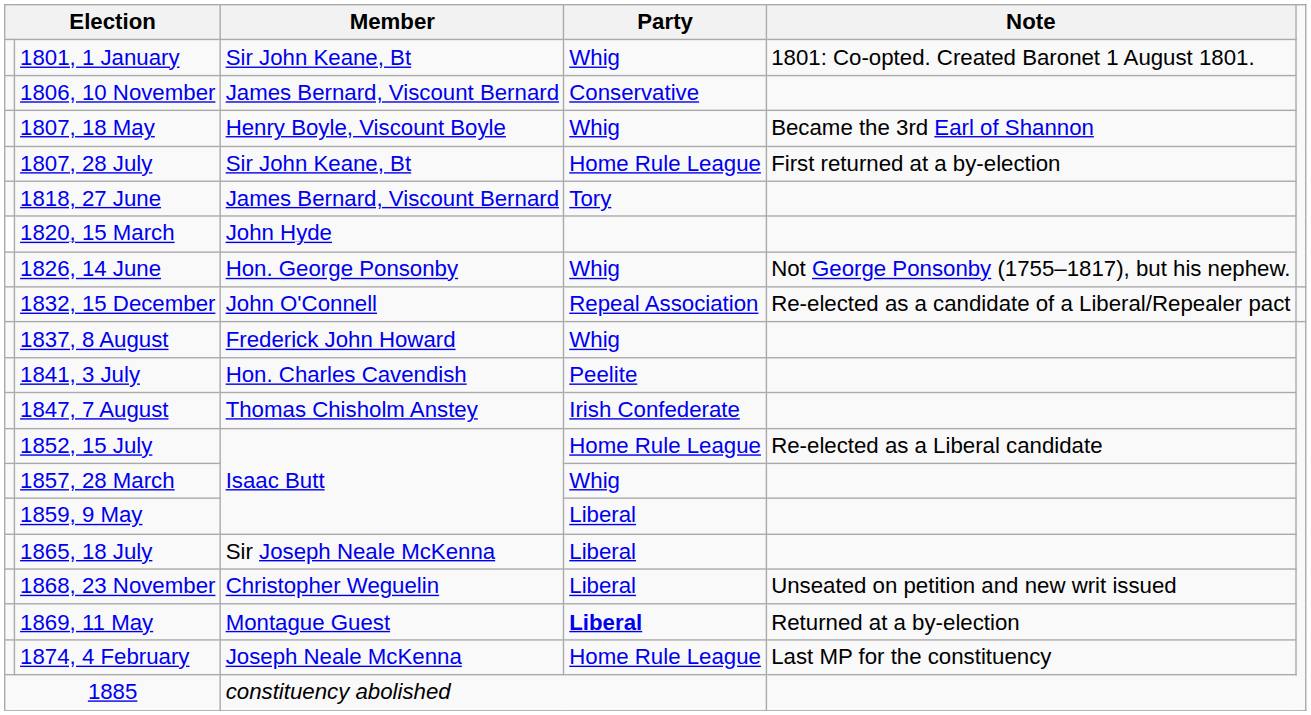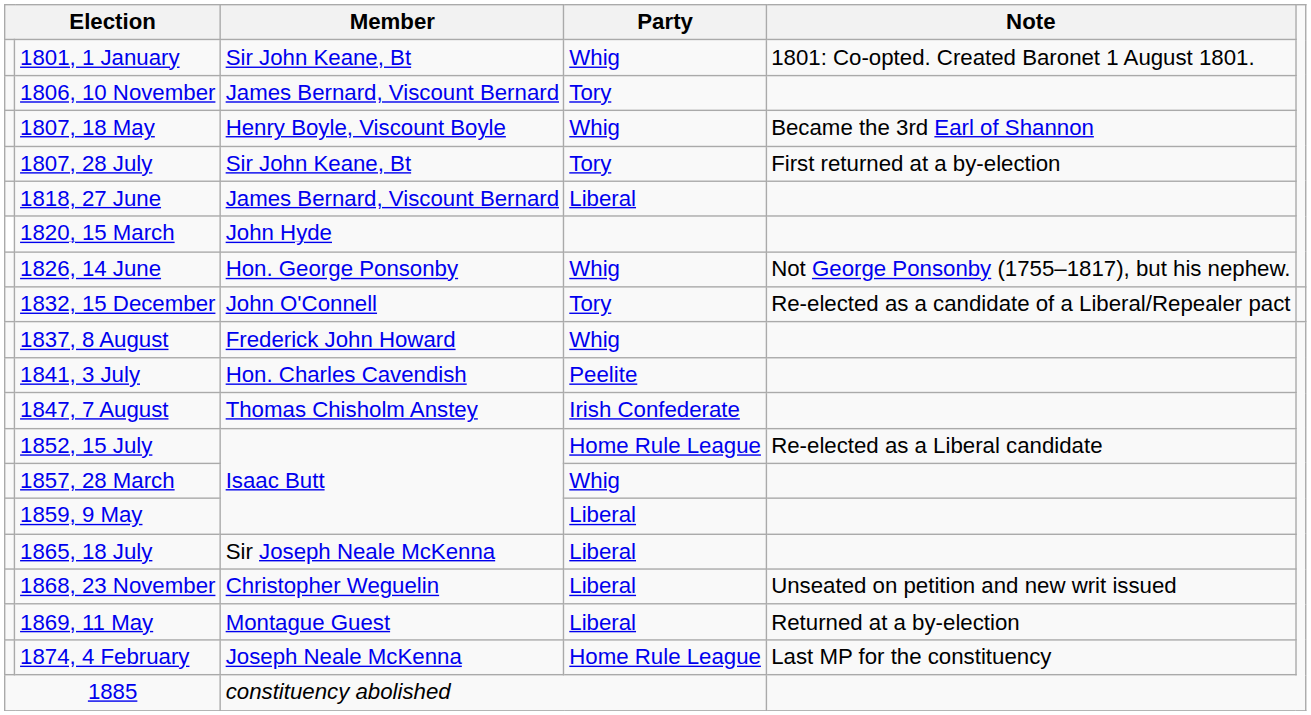 <table class="wikitable">
 <tr>
 <th colspan="2">Election</th>
 <th>Member</th>
 <th>Party</th>
 <th>Note</th>
 </tr>
 <tr>
 <td style="color:inherit;background-color: "></td>
 <td><a href='#'>1801, 1 January</a></td>
 <td><a href='#'>Sir John Keane, Bt</a></td>
 <td><a href='#'>Whig</a></td>
 <td>1801: Co-opted. Created Baronet 1 August 1801.</td>
 </tr>
 <tr>
 <td style="color:inherit;background-color: "></td>
 <td><a href='#'>1806, 10 November</a></td>
 <td><a href='#'>James Bernard, Viscount Bernard</a></td>
-<td><a href='#'>Conservative</a></td>
+<td><a href='#'>Tory</a></td>
 <td></td>
 </tr>
 <tr>
 <td style="color:inherit;background-color: "></td>
 <td><a href='#'>1807, 18 May</a></td>
 <td><a href='#'>Henry Boyle, Viscount Boyle</a></td>
 <td><a href='#'>Whig</a></td>
 <td>Became the 3rd <a href='#'>Earl of Shannon</a></td>
 </tr>
 <tr>
 <td style="color:inherit;background-color: "></td>
 <td><a href='#'>1807, 28 July</a></td>
 <td><a href='#'>Sir John Keane, Bt</a></td>
-<td><a href='#'>Home Rule League</a></td>
+<td><a href='#'>Tory</a></td>
 <td>First returned at a by-election</td>
 </tr>
 <tr>
 <td style="color:inherit;background-color: "></td>
 <td><a href='#'>1818, 27 June</a></td>
 <td><a href='#'>James Bernard, Viscount Bernard</a></td>
-<td><a href='#'>Tory</a></td>
+<td><a href='#'>Liberal</a></td>
 <td></td>
 </tr>
 <tr>
 <td style="color:inherit;background-color: white"></td>
 <td><a href='#'>1820, 15 March</a></td>
 <td><a href='#'>John Hyde</a></td>
 <td></td>
 <td></td>
 </tr>
 <tr>
 <td style="color:inherit;background-color: "></td>
 <td><a href='#'>1826, 14 June</a></td>
 <td><a href='#'>Hon. George Ponsonby</a></td>
 <td><a href='#'>Whig</a></td>
 <td>Not <a href='#'>George Ponsonby</a> (1755–1817), but his nephew.</td>
 </tr>
 <tr>
 <td style="color:inherit;background-color: "></td>
 <td><a href='#'>1832, 15 December</a></td>
 <td><a href='#'>John O'Connell</a></td>
-<td><a href='#'>Repeal Association</a></td>
+<td><a href='#'>Tory</a></td>
 <td>Re-elected as a candidate of a Liberal/Repealer pact</td>
 <td></td>
 </tr>
 <tr>
 <td style="color:inherit;background-color: "></td>
 <td><a href='#'>1837, 8 August</a></td>
 <td><a href='#'>Frederick John Howard</a></td>
 <td><a href='#'>Whig</a></td>
 <td></td>
 </tr>
 <tr>
 <td style="color:inherit;background-color: "></td>
 <td><a href='#'>1841, 3 July</a></td>
 <td><a href='#'>Hon. Charles Cavendish</a></td>
 <td><a href='#'>Peelite</a></td>
 <td></td>
 </tr>
 <tr>
 <td style="color:inherit;background-color: "></td>
 <td><a href='#'>1847, 7 August</a></td>
 <td><a href='#'>Thomas Chisholm Anstey</a></td>
 <td><a href='#'>Irish Confederate</a></td>
 <td></td>
 </tr>
 <tr>
 <td style="color:inherit;background-color: "></td>
 <td><a href='#'>1852, 15 July</a></td>
 <td rowspan="3"><a href='#'>Isaac Butt</a></td>
 <td><a href='#'>Home Rule League</a></td>
 <td>Re-elected as a Liberal candidate</td>
 </tr>
 <tr>
 <td style="color:inherit;background-color: "></td>
 <td><a href='#'>1857, 28 March</a></td>
 <td><a href='#'>Whig</a></td>
 <td></td>
 </tr>
 <tr>
 <td style="color:inherit;background-color: "></td>
 <td><a href='#'>1859, 9 May</a></td>
 <td><a href='#'>Liberal</a></td>
 <td></td>
 </tr>
 <tr>
 <td style="color:inherit;background-color: "></td>
 <td><a href='#'>1865, 18 July</a></td>
 <td>Sir <a href='#'>Joseph Neale McKenna</a></td>
 <td><a href='#'>Liberal</a></td>
 <td></td>
 </tr>
 <tr>
 <td style="color:inherit;background-color: "></td>
 <td><a href='#'>1868, 23 November</a></td>
 <td><a href='#'>Christopher Weguelin</a></td>
 <td><a href='#'>Liberal</a></td>
 <td>Unseated on petition and new writ issued</td>
 </tr>
 <tr>
 <td style="color:inherit;background-color: "></td>
 <td><a href='#'>1869, 11 May</a></td>
 <td><a href='#'>Montague Guest</a></td>
-<td><strong><a href='#'>Liberal</a></strong></td>
+<td><a href='#'>Liberal</a></td>
 <td>Returned at a by-election</td>
 </tr>
 <tr>
 <td style="color:inherit;background-color: "></td>
 <td><a href='#'>1874, 4 February</a></td>
 <td><a href='#'>Joseph Neale McKenna</a></td>
 <td><a href='#'>Home Rule League</a></td>
 <td>Last MP for the constituency</td>
 </tr>
 <tr>
 <td colspan="2" align="center"><a href='#'>1885</a></td>
 <td colspan="2"><em>constituency abolished</em></td>
 </tr>
 </table>
